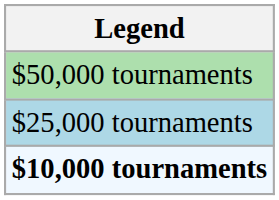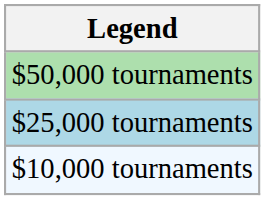 <table class="wikitable" style="font-size:85%">
 <tr>
 <th>Legend</th>
 </tr>
 <tr style="background:#addfad;">
 <td>$50,000 tournaments</td>
 </tr>
 <tr style="background:lightblue;">
 <td>$25,000 tournaments</td>
 </tr>
 <tr style="background:#f0f8ff;">
-<td><strong>$10,000 tournaments</strong></td>
+<td>$10,000 tournaments</td>
 </tr>
 </table>
